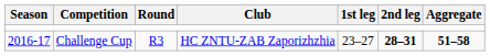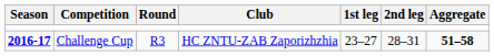 <table class="wikitable">
 <tr>
 <th>Season</th>
 <th>Competition</th>
 <th>Round</th>
 <th>Club</th>
 <th>1st leg</th>
 <th>2nd leg</th>
 <th>Aggregate</th>
 </tr>
 <tr>
 <td colspan="7" bgcolor=white></td>
 </tr>
 <tr>
-<td><a href='#'>2016-17</a></td>
+<td><strong><a href='#'>2016-17</a></strong></td>
 <td><a href='#'>Challenge Cup</a></td>
 <td style="text-align:center;"><a href='#'>R3</a></td>
 <td> <a href='#'>HC ZNTU-ZAB Zaporizhzhia</a></td>
 <td style="text-align:center;">23–27</td>
-<td style="text-align:center;"><strong>28–31</strong></td>
+<td style="text-align:center;">28–31</td>
 <td style="text-align:center;"><strong>51–58</strong></td>
 </tr>
 </table>
